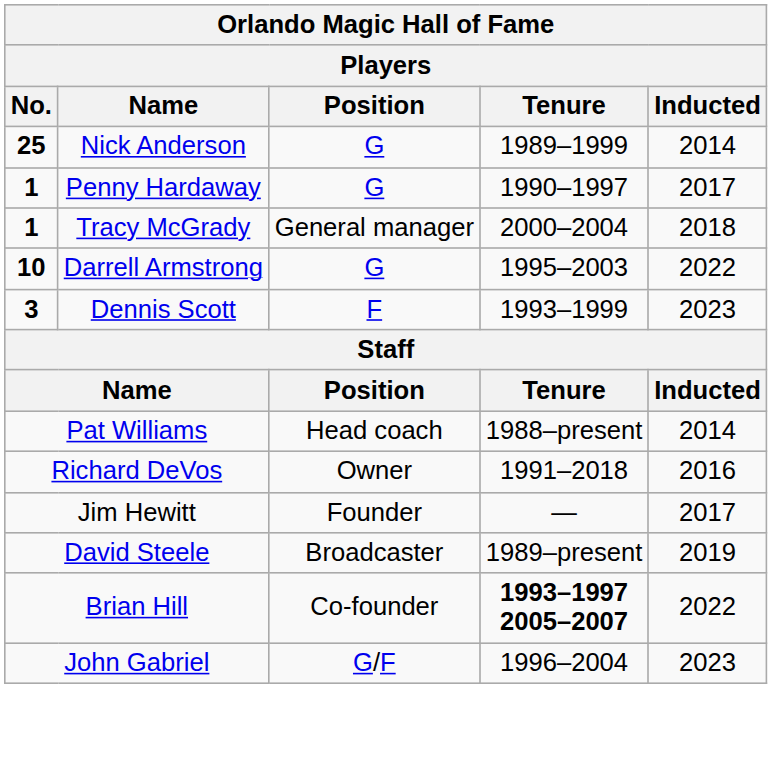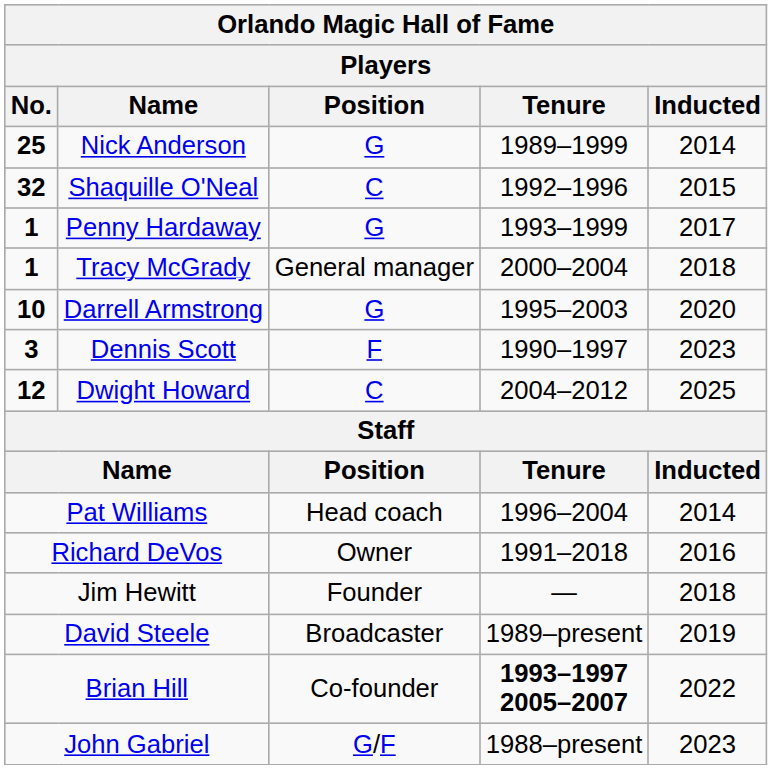 <table class="wikitable" style="text-align:center">
 <tr>
 <th colspan="5">Orlando Magic Hall of Fame</th>
 </tr>
 <tr>
 <th colspan="5" style="text-align:center; ">Players</th>
 </tr>
 <tr>
 <th>No.</th>
 <th>Name</th>
 <th>Position</th>
 <th>Tenure</th>
 <th>Inducted</th>
 </tr>
 <tr>
 <td><strong>25</strong></td>
 <td><a href='#'>Nick Anderson</a></td>
 <td><a href='#'>G</a></td>
 <td>1989–1999</td>
 <td>2014</td>
 </tr>
 <tr>
+<td><strong>32</strong></td>
+<td><a href='#'>Shaquille O'Neal</a></td>
+<td><a href='#'>C</a></td>
+<td>1992–1996</td>
+<td>2015</td>
+</tr>
+<tr>
 <td><strong>1</strong></td>
 <td><a href='#'>Penny Hardaway</a></td>
 <td><a href='#'>G</a></td>
-<td>1990–1997</td>
+<td>1993–1999</td>
 <td>2017</td>
 </tr>
 <tr>
 <td><strong>1</strong></td>
 <td><a href='#'>Tracy McGrady</a></td>
 <td>General manager</td>
 <td>2000–2004</td>
 <td>2018</td>
 </tr>
 <tr>
 <td><strong>10</strong></td>
 <td><a href='#'>Darrell Armstrong</a></td>
 <td><a href='#'>G</a></td>
 <td>1995–2003</td>
-<td>2022</td>
+<td>2020</td>
 </tr>
 <tr>
 <td><strong>3</strong></td>
 <td><a href='#'>Dennis Scott</a></td>
 <td><a href='#'>F</a></td>
-<td>1993–1999</td>
+<td>1990–1997</td>
 <td>2023</td>
+</tr>
+<tr>
+<td><strong>12</strong></td>
+<td><a href='#'>Dwight Howard</a></td>
+<td><a href='#'>C</a></td>
+<td>2004–2012</td>
+<td>2025</td>
 </tr>
 <tr>
 <th colspan="5" style="text-align:center; ">Staff</th>
 </tr>
 <tr>
 <th colspan="2">Name</th>
 <th>Position</th>
 <th>Tenure</th>
 <th>Inducted</th>
 </tr>
 <tr>
 <td colspan="2"><a href='#'>Pat Williams</a></td>
 <td>Head coach</td>
-<td>1988–present</td>
+<td>1996–2004</td>
 <td>2014</td>
 </tr>
 <tr>
 <td colspan="2"><a href='#'>Richard DeVos</a></td>
 <td>Owner</td>
 <td>1991–2018</td>
 <td>2016</td>
 </tr>
 <tr>
 <td colspan="2">Jim Hewitt</td>
 <td>Founder</td>
 <td>—</td>
-<td>2017</td>
+<td>2018</td>
 </tr>
 <tr>
 <td colspan="2"><a href='#'>David Steele</a></td>
 <td>Broadcaster</td>
 <td>1989–present</td>
 <td>2019</td>
 </tr>
 <tr>
 <td colspan="2"><a href='#'>Brian Hill</a></td>
 <td>Co-founder</td>
 <td><strong>1993–1997<br>2005–2007</strong></td>
 <td>2022</td>
 </tr>
 <tr>
 <td colspan="2"><a href='#'>John Gabriel</a></td>
 <td><a href='#'>G</a>/<a href='#'>F</a></td>
-<td>1996–2004</td>
+<td>1988–present</td>
 <td>2023</td>
 </tr>
 </table>
